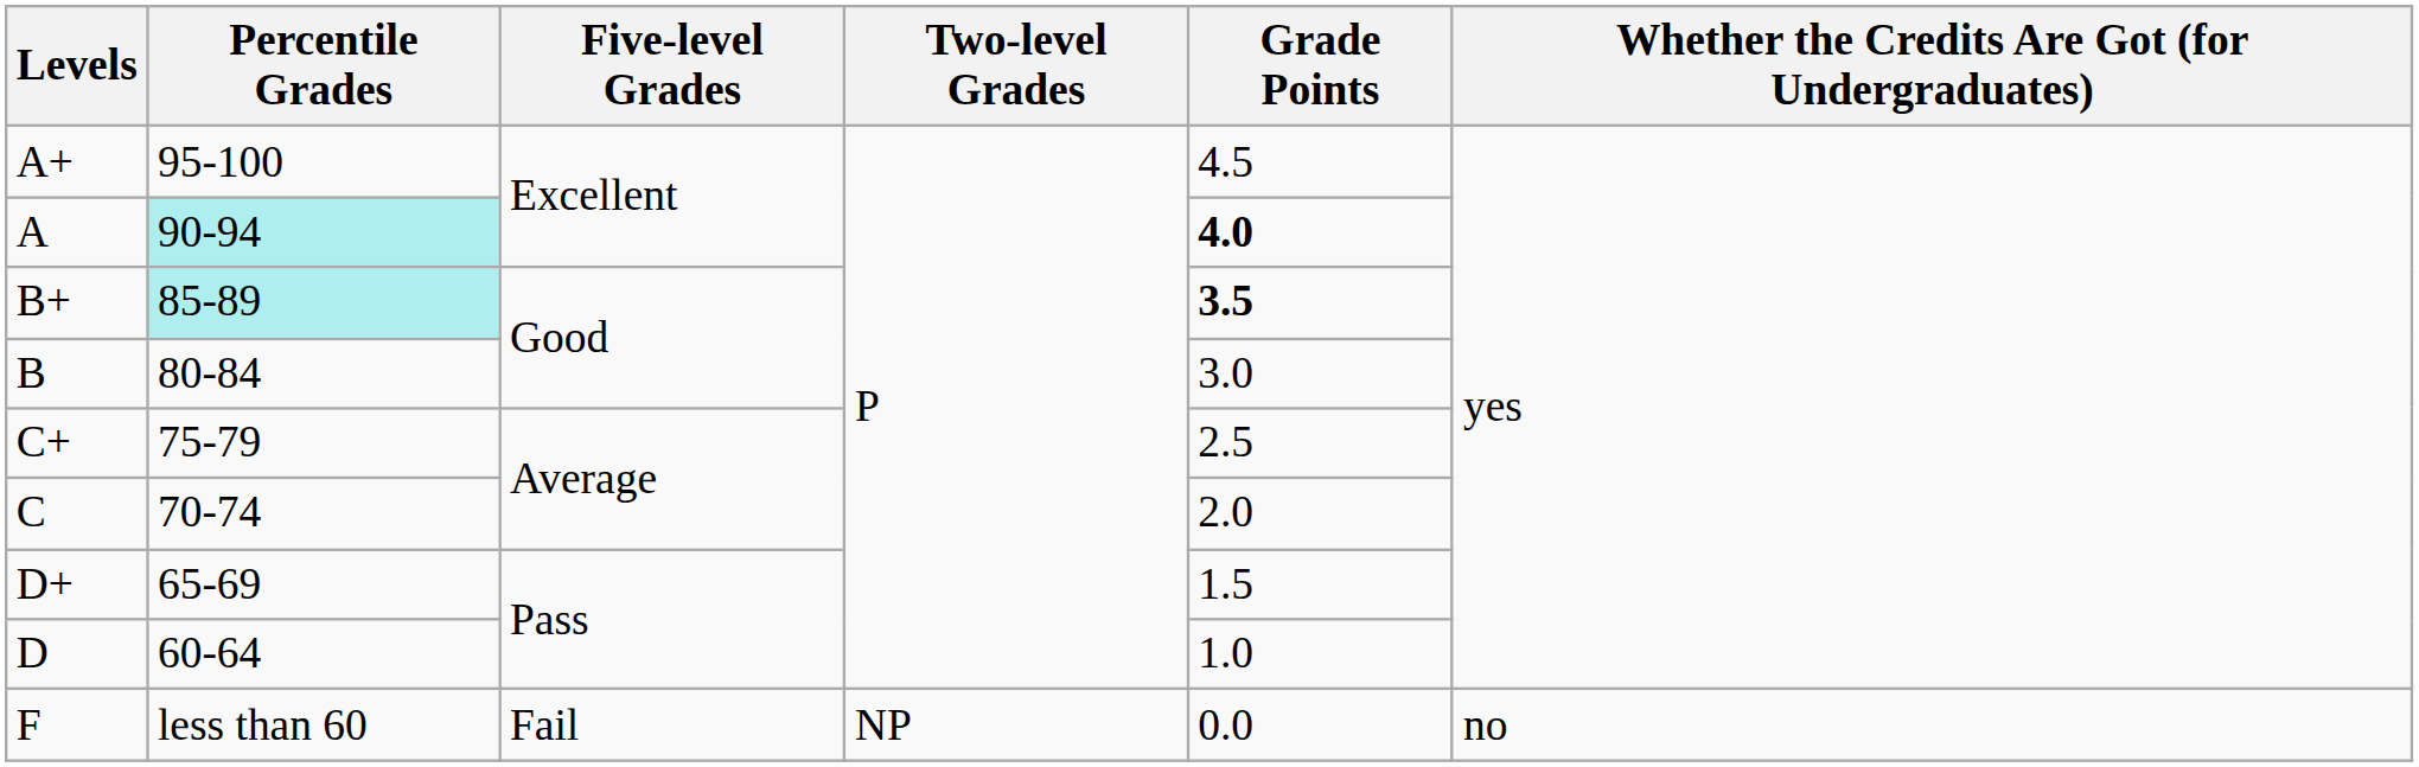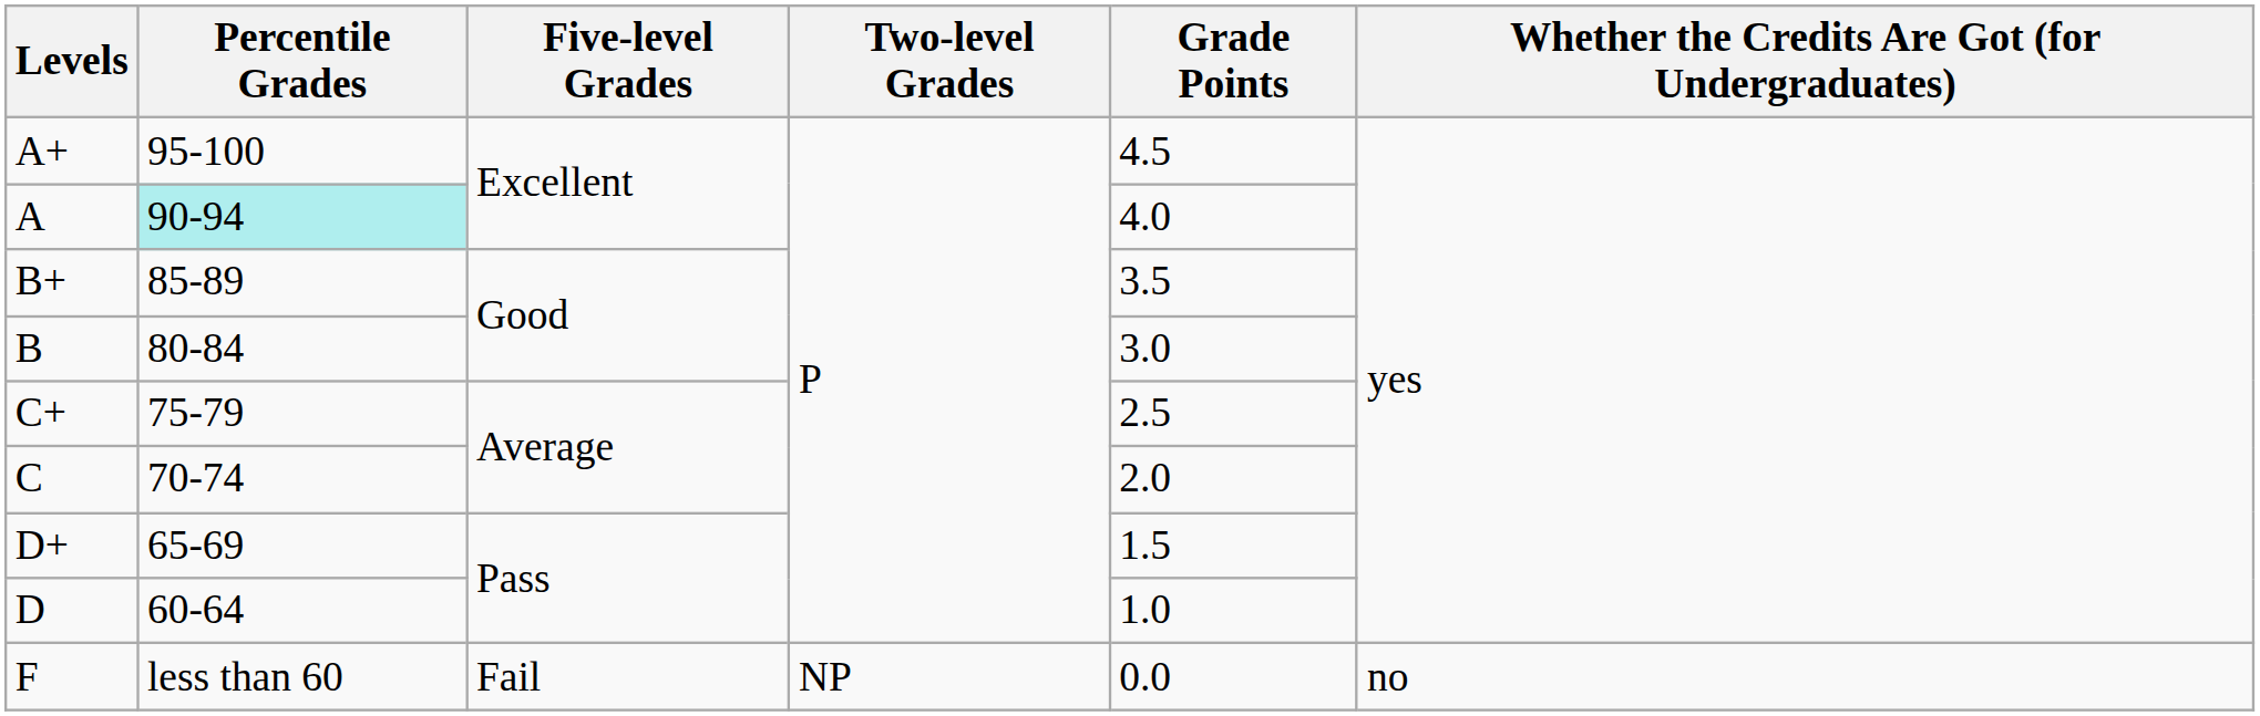 <table class="wikitable">
 <tr>
 <th>Levels</th>
 <th>Percentile Grades</th>
 <th>Five-level Grades</th>
 <th>Two-level Grades</th>
 <th>Grade Points</th>
 <th>Whether the Credits Are Got (for Undergraduates)</th>
 </tr>
 <tr>
 <td>A+</td>
 <td>95-100</td>
 <td rowspan=2>Excellent</td>
 <td rowspan=8>P</td>
 <td>4.5</td>
 <td rowspan=8>yes</td>
 </tr>
 <tr>
 <td>A</td>
 <td style="background: paleturquoise;">90-94</td>
-<td><strong>4.0</strong></td>
+<td>4.0</td>
 </tr>
 <tr>
 <td>B+</td>
-<td style="background: paleturquoise;">85-89</td>
+<td>85-89</td>
 <td rowspan=2>Good</td>
-<td><strong>3.5</strong></td>
+<td>3.5</td>
 </tr>
 <tr>
 <td>B</td>
 <td>80-84</td>
 <td>3.0</td>
 </tr>
 <tr>
 <td>C+</td>
 <td>75-79</td>
 <td rowspan=2>Average</td>
 <td>2.5</td>
 </tr>
 <tr>
 <td>C</td>
 <td>70-74</td>
 <td>2.0</td>
 </tr>
 <tr>
 <td>D+</td>
 <td>65-69</td>
 <td rowspan=2>Pass</td>
 <td>1.5</td>
 </tr>
 <tr>
 <td>D</td>
 <td>60-64</td>
 <td>1.0</td>
 </tr>
 <tr>
 <td>F</td>
 <td>less than 60</td>
 <td>Fail</td>
 <td>NP</td>
 <td>0.0</td>
 <td>no</td>
 </tr>
 </table>
